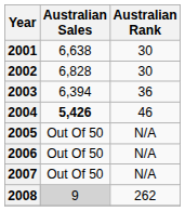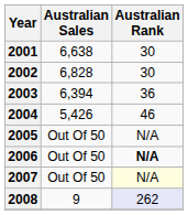 <table class="wikitable" style="font-size: 90%; text-align: center">
 <tr>
 <th>Year</th>
 <th width="60px">Australian Sales</th>
 <th width="60px">Australian Rank</th>
 </tr>
 <tr>
 <th>2001</th>
 <td>6,638</td>
 <td>30</td>
 </tr>
 <tr>
 <th>2002</th>
 <td>6,828</td>
 <td>30</td>
 </tr>
 <tr>
 <th>2003</th>
 <td>6,394</td>
 <td>36</td>
 </tr>
 <tr>
 <th>2004</th>
-<td><strong>5,426</strong></td>
+<td>5,426</td>
 <td>46</td>
 </tr>
 <tr>
 <th>2005</th>
 <td>Out Of 50</td>
 <td>N/A</td>
 </tr>
 <tr>
 <th>2006</th>
 <td>Out Of 50</td>
-<td>N/A</td>
+<td><strong>N/A</strong></td>
 </tr>
 <tr>
 <th>2007</th>
 <td>Out Of 50</td>
-<td>N/A</td>
+<td style="background: lightyellow;">N/A</td>
 </tr>
 <tr>
 <th>2008</th>
-<td style="background: lightgrey;">9</td>
-<td>262</td>
+<td>9</td>
+<td style="background: lavender;">262</td>
 </tr>
 <tr>
 </tr>
 </table>
